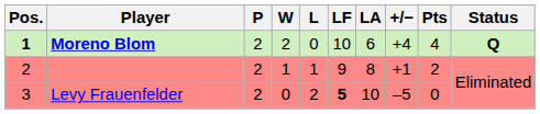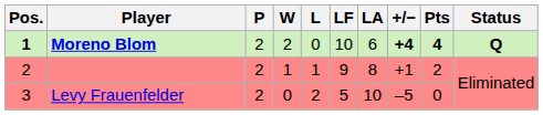 <table class="wikitable" style="text-align:center; margin: 1em auto 1em auto, align:left">
 <tr>
 <th width=20>Pos.</th>
 <th width=185>Player</th>
 <th width=20>P</th>
 <th width=20>W</th>
 <th width=20>L</th>
 <th width=20>LF</th>
 <th width=20>LA</th>
 <th width=25>+/−</th>
 <th width=20>Pts</th>
 <th width=70>Status</th>
 </tr>
 <tr style="background:#D0F0C0;">
 <td><strong>1</strong></td>
 <td align=left> <strong><a href='#'>Moreno Blom</a></strong></td>
 <td>2</td>
 <td>2</td>
 <td>0</td>
 <td>10</td>
 <td>6</td>
-<td>+4</td>
-<td>4</td>
+<td><strong>+4</strong></td>
+<td><strong>4</strong></td>
 <td><strong>Q</strong></td>
 </tr>
 <tr style="background:#FF8888;">
 <td>2</td>
 <td align=left></td>
 <td>2</td>
 <td>1</td>
 <td>1</td>
 <td>9</td>
 <td>8</td>
 <td>+1</td>
 <td>2</td>
 <td rowspan=2>Eliminated</td>
 </tr>
 <tr style="background:#FF8888;">
 <td>3</td>
 <td align=left> <a href='#'>Levy Frauenfelder</a></td>
 <td>2</td>
 <td>0</td>
 <td>2</td>
-<td><strong>5</strong></td>
+<td>5</td>
 <td>10</td>
 <td>–5</td>
 <td>0</td>
 </tr>
 </table>
